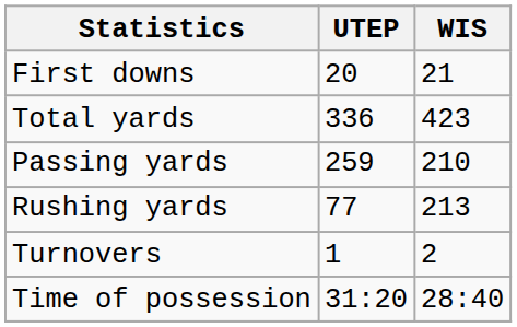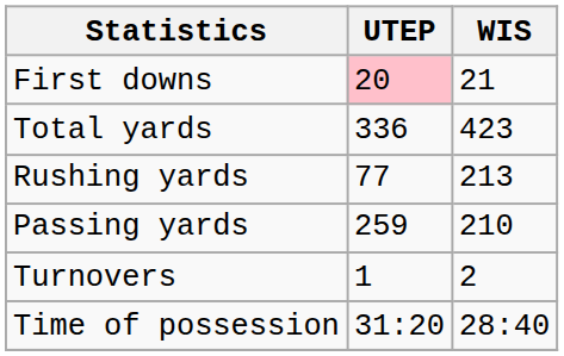 <table class="wikitable" style="float: left;">
 <tr>
 <th>Statistics</th>
 <th>UTEP</th>
 <th>WIS</th>
 </tr>
 <tr>
 <td>First downs</td>
-<td>20</td>
+<td style="background: pink;">20</td>
 <td>21</td>
 </tr>
 <tr>
 <td>Total yards</td>
 <td>336</td>
 <td>423</td>
 </tr>
 <tr>
+<td>Rushing yards</td>
+<td>77</td>
+<td>213</td>
+</tr>
+<tr>
 <td>Passing yards</td>
 <td>259</td>
 <td>210</td>
-</tr>
-<tr>
-<td>Rushing yards</td>
-<td>77</td>
-<td>213</td>
 </tr>
 <tr>
 <td>Turnovers</td>
 <td>1</td>
 <td>2</td>
 </tr>
 <tr>
 <td>Time of possession</td>
 <td>31:20</td>
 <td>28:40</td>
 </tr>
 <tr>
 </tr>
 </table>
